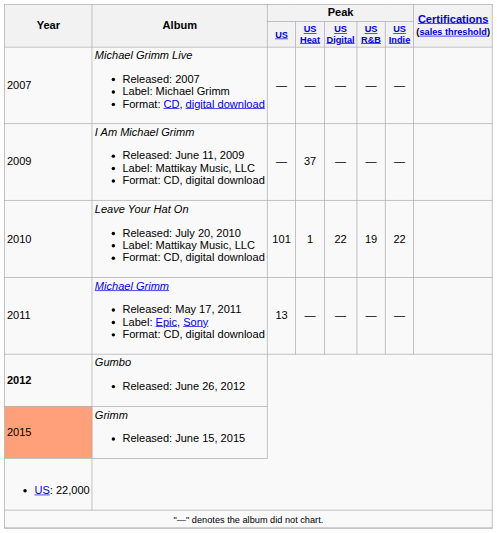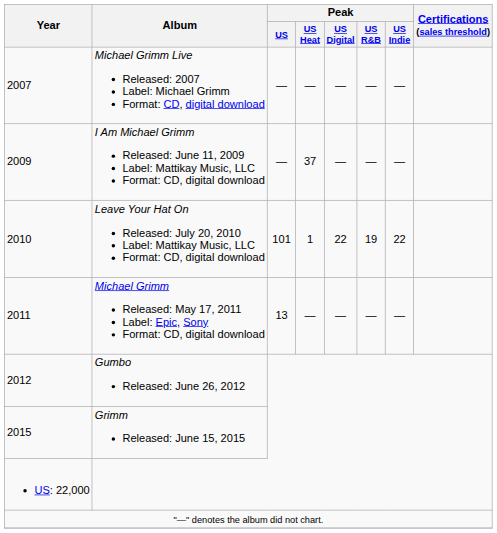 <table class="wikitable">
 <tr>
 <th rowspan="2">Year</th>
 <th rowspan="2">Album</th>
 <th colspan="5">Peak</th>
 <th rowspan="2"><a href='#'>Certifications</a><br><small>(<a href='#'>sales threshold</a>)</small></th>
 </tr>
 <tr style="font-size:smaller;">
 <th style="width:35px;"><a href='#'>US</a></th>
 <th style="width:35px;"><a href='#'>US Heat</a></th>
 <th style="width:35px;"><a href='#'>US<br>Digital</a></th>
 <th style="width:35px;"><a href='#'>US<br>R&B</a></th>
 <th style="width:35px;"><a href='#'>US<br>Indie</a></th>
 </tr>
 <tr>
 <td>2007</td>
 <td><em>Michael Grimm Live</em><br><ul><li>Released: 2007</li><li>Label: Michael Grimm</li><li>Format: <a href='#'>CD</a>, <a href='#'>digital download</a></li></ul></td>
 <td style="text-align:center;">—</td>
 <td style="text-align:center;">—</td>
 <td style="text-align:center;">—</td>
 <td style="text-align:center;">—</td>
 <td style="text-align:center;">—</td>
 <td style="text-align:left;"></td>
 </tr>
 <tr>
 <td>2009</td>
 <td><em>I Am Michael Grimm</em><br><ul><li>Released: June 11, 2009</li><li>Label: Mattikay Music, LLC</li><li>Format: CD, digital download</li></ul></td>
 <td style="text-align:center;">—</td>
 <td style="text-align:center;">37</td>
 <td style="text-align:center;">—</td>
 <td style="text-align:center;">—</td>
 <td style="text-align:center;">—</td>
 <td style="text-align:left;"></td>
 </tr>
 <tr>
 <td>2010</td>
 <td><em>Leave Your Hat On</em><br><ul><li>Released: July 20, 2010</li><li>Label: Mattikay Music, LLC</li><li>Format: CD, digital download</li></ul></td>
 <td style="text-align:center;">101</td>
 <td style="text-align:center;">1</td>
 <td style="text-align:center;">22</td>
 <td style="text-align:center;">19</td>
 <td style="text-align:center;">22</td>
 <td style="text-align:left;"></td>
 </tr>
 <tr>
 <td>2011</td>
 <td><em><a href='#'>Michael Grimm</a></em><br><ul><li>Released: May 17, 2011</li><li>Label: <a href='#'>Epic</a>, <a href='#'>Sony</a></li><li>Format: CD, digital download</li></ul></td>
 <td style="text-align:center;">13</td>
 <td style="text-align:center;">—</td>
 <td style="text-align:center;">—</td>
 <td style="text-align:center;">—</td>
 <td style="text-align:center;">—</td>
 <td style="text-align:left;"></td>
 </tr>
 <tr>
-<td><strong>2012</strong></td>
+<td>2012</td>
 <td><em>Gumbo</em><br><ul><li>Released: June 26, 2012</li></ul></td>
 </tr>
 <tr>
-<td style="background: lightsalmon;">2015</td>
+<td>2015</td>
 <td><em>Grimm</em><br><ul><li>Released: June 15, 2015</li></ul></td>
 </tr>
 <tr>
 <td><br><ul><li><a href='#'>US</a>: 22,000</li></ul></td>
 </tr>
 <tr>
 <td style="text-align:center;" colspan="9"><small>"—" denotes the album did not chart.</small></td>
 </tr>
 <tr>
 </tr>
 </table>
